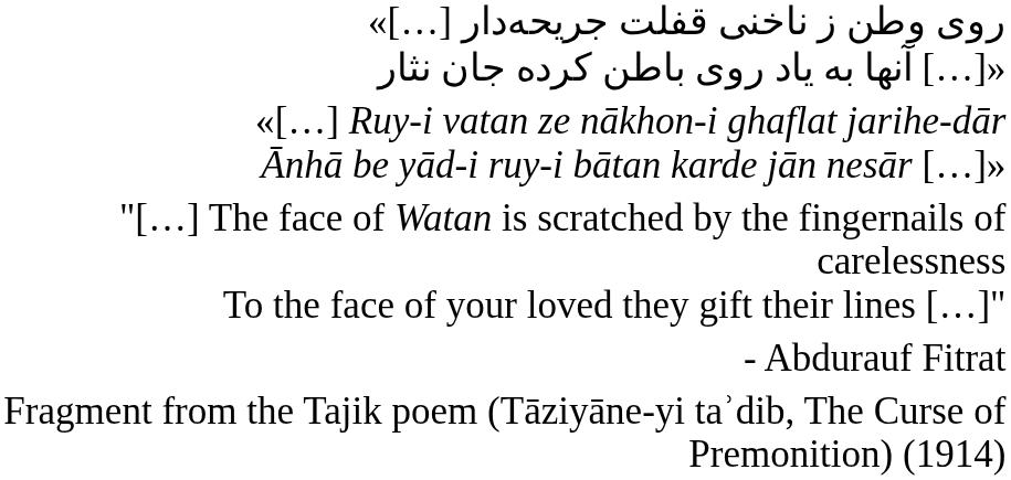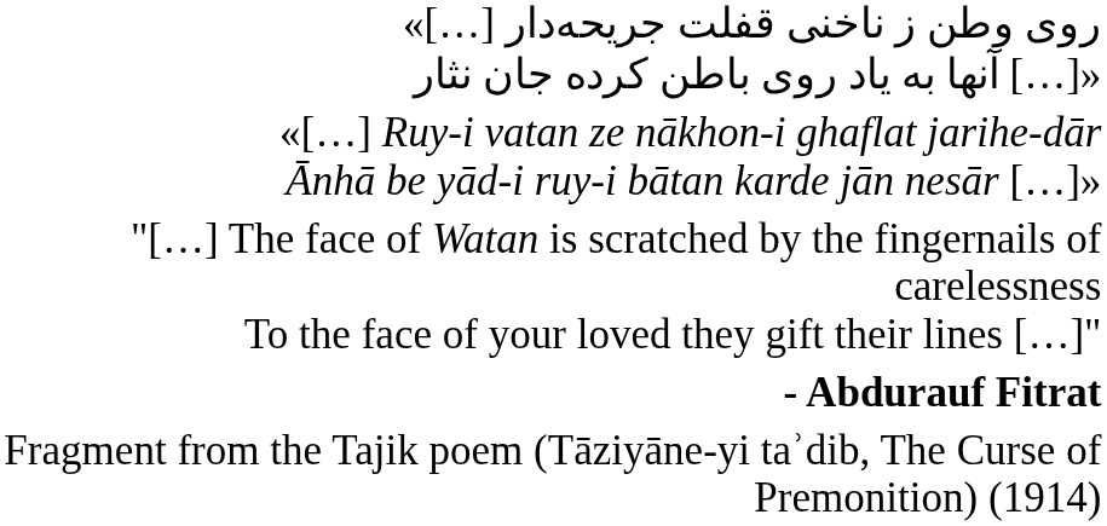 <table style="float:right; margin-left: 10px;" width="450">
 <tr style="text-align:right">
 <td>«[…] روی وطن ز ناخنی قفلت جریحه‌دار<br>آنها به یاد روی باطن کرده جان نثار […]»</td>
 </tr>
 <tr style="text-align:right">
 <td>«[…] <em>Ruy-i vatan ze nākhon-i ghaflat jarihe-dār<br>Ānhā be yād-i ruy-i bātan karde jān nesār</em> […]»</td>
 </tr>
 <tr style="text-align:right">
 <td>"[…] The face of <em>Watan</em> is scratched by the fingernails of carelessness<br>To the face of your loved they gift their lines […]"</td>
 </tr>
 <tr style="text-align:right">
-<td>- Abdurauf Fitrat</td>
+<td><strong>- Abdurauf Fitrat</strong></td>
 </tr>
 <tr style="text-align:right">
 <td>Fragment from the Tajik poem  (Tāziyāne-yi taʾdib, The Curse of Premonition) (1914)</td>
 </tr>
 <tr>
 </tr>
 </table>
